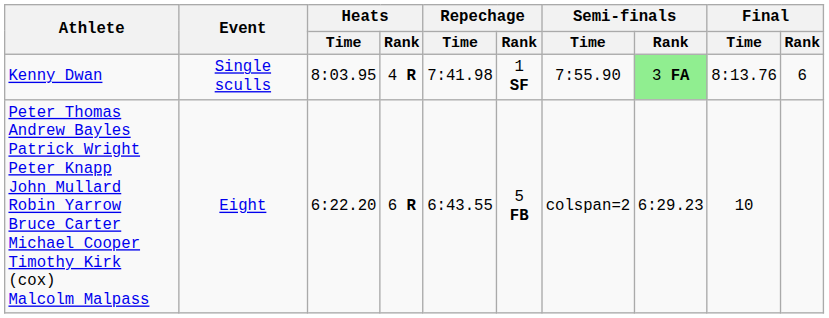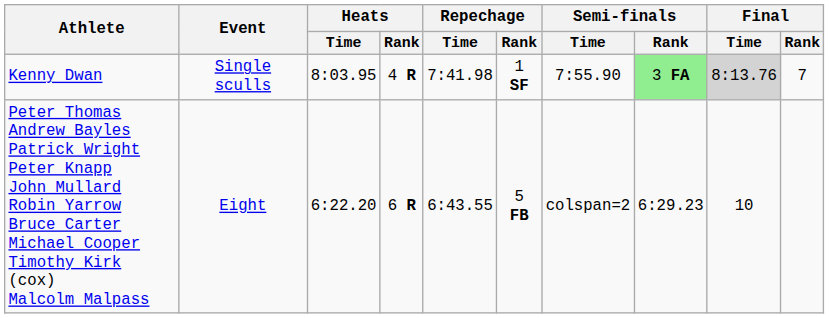 <table class="wikitable" style="font-size:90%">
 <tr>
 <th rowspan="2">Athlete</th>
 <th rowspan="2">Event</th>
 <th colspan="2">Heats</th>
 <th colspan="2">Repechage</th>
 <th colspan="2">Semi-finals</th>
 <th colspan="2">Final</th>
 </tr>
 <tr style="font-size:95%">
 <th>Time</th>
 <th>Rank</th>
 <th>Time</th>
 <th>Rank</th>
 <th>Time</th>
 <th>Rank</th>
 <th>Time</th>
 <th>Rank</th>
 </tr>
 <tr align=center>
 <td align=left><a href='#'>Kenny Dwan</a></td>
 <td><a href='#'>Single sculls</a></td>
 <td>8:03.95</td>
 <td>4 <strong>R</strong></td>
 <td>7:41.98</td>
 <td>1 <strong>SF</strong></td>
 <td>7:55.90</td>
 <td style="background: lightgreen;">3 <strong>FA</strong></td>
-<td>8:13.76</td>
-<td>6</td>
+<td style="background: lightgrey;">8:13.76</td>
+<td>7</td>
 </tr>
 <tr align=center>
 <td align=left><a href='#'>Peter Thomas</a><br><a href='#'>Andrew Bayles</a><br><a href='#'>Patrick Wright</a><br><a href='#'>Peter Knapp</a><br><a href='#'>John Mullard</a><br><a href='#'>Robin Yarrow</a><br><a href='#'>Bruce Carter</a><br><a href='#'>Michael Cooper</a><br><a href='#'>Timothy Kirk</a> (cox) <br><a href='#'>Malcolm Malpass</a></td>
 <td><a href='#'>Eight</a></td>
 <td>6:22.20</td>
 <td>6 <strong>R</strong></td>
 <td>6:43.55</td>
 <td>5 <strong>FB</strong></td>
 <td>colspan=2 </td>
 <td>6:29.23</td>
 <td>10</td>
 </tr>
 </table>
